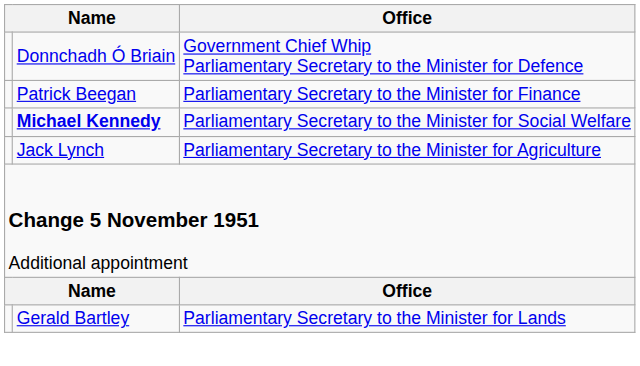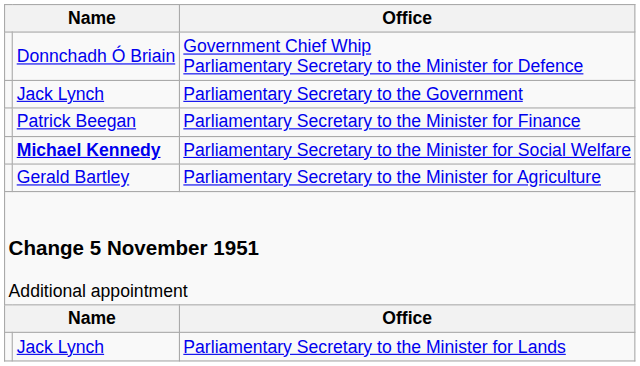 <table class="wikitable">
 <tr>
 <th colspan="2">Name</th>
 <th>Office</th>
 </tr>
 <tr>
 <td style="background-color: "></td>
 <td><a href='#'>Donnchadh Ó Briain</a></td>
 <td><a href='#'>Government Chief Whip</a><br><a href='#'>Parliamentary Secretary to the Minister for Defence</a></td>
+</tr>
+<tr>
+<td style="background-color: "></td>
+<td><a href='#'>Jack Lynch</a></td>
+<td><a href='#'>Parliamentary Secretary to the Government</a></td>
 </tr>
 <tr>
 <td style="background-color: "></td>
 <td><a href='#'>Patrick Beegan</a></td>
 <td><a href='#'>Parliamentary Secretary to the Minister for Finance</a></td>
 </tr>
 <tr>
 <td style="background-color: "></td>
 <td><strong><a href='#'>Michael Kennedy</a></strong></td>
 <td><a href='#'>Parliamentary Secretary to the Minister for Social Welfare</a></td>
 </tr>
 <tr>
 <td style="background-color: "></td>
-<td><a href='#'>Jack Lynch</a></td>
+<td><a href='#'>Gerald Bartley</a></td>
 <td><a href='#'>Parliamentary Secretary to the Minister for Agriculture</a></td>
 </tr>
 <tr>
 <td colspan=3><br><h3>Change 5 November 1951</h3>Additional appointment</td>
 </tr>
 <tr>
 <th colspan="2">Name</th>
 <th>Office</th>
 </tr>
 <tr>
 <td style="background-color: "></td>
-<td><a href='#'>Gerald Bartley</a></td>
+<td><a href='#'>Jack Lynch</a></td>
 <td><a href='#'>Parliamentary Secretary to the Minister for Lands</a></td>
 </tr>
 </table>
